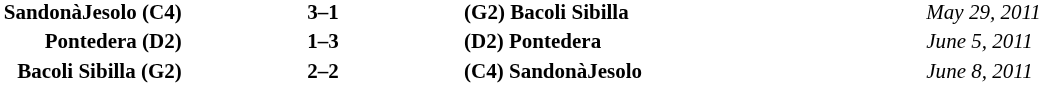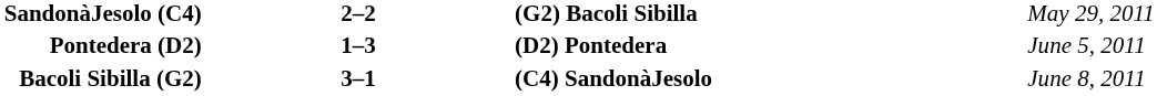 <table width="100%" cellspacing="1">
 <tr>
 <th width="20%"></th>
 <th width="12%"></th>
 <th width="20%"></th>
 <th width="20%'"></th>
 <th></th>
 </tr>
 <tr style="font-size:90%;">
 <td align="right"><strong>SandonàJesolo (C4)</strong></td>
-<td align="center"><strong>3–1</strong></td>
+<td align="center"><strong>2–2</strong></td>
 <td align="left"><strong>(G2) Bacoli Sibilla</strong></td>
 <td align="left"><em>May 29, 2011</em></td>
 </tr>
 <tr style="font-size:90%;">
 <td align="right"><strong>Pontedera (D2)</strong></td>
 <td align="center"><strong>1–3</strong></td>
 <td align="left"><strong>(D2) Pontedera</strong></td>
 <td align="left"><em>June 5, 2011</em></td>
 </tr>
 <tr style="font-size:90%;">
 <td align="right"><strong>Bacoli Sibilla (G2)</strong></td>
-<td align="center"><strong>2–2</strong></td>
+<td align="center"><strong>3–1</strong></td>
 <td align="left"><strong>(C4) SandonàJesolo</strong></td>
 <td align="left"><em>June 8, 2011</em></td>
 </tr>
 </table>
